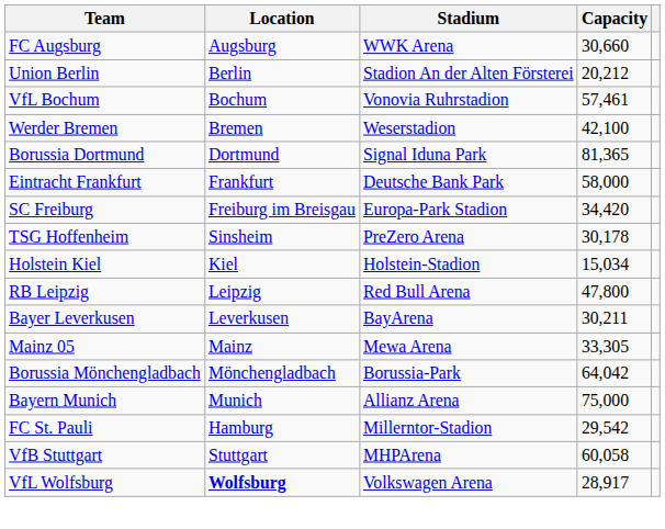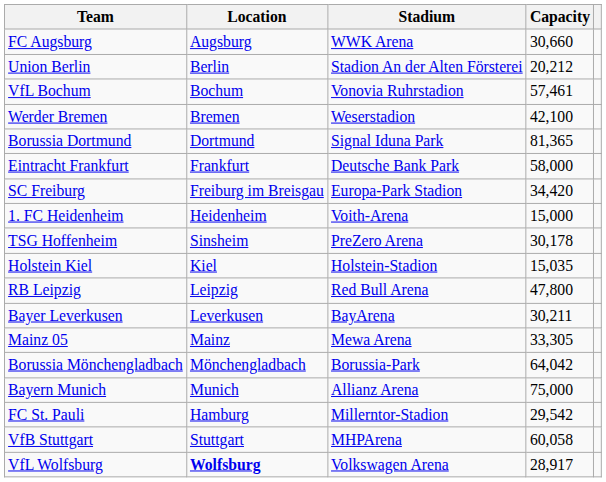 <table class="wikitable sortable" style="text-align:left;">
 <tr>
 <th>Team</th>
 <th>Location</th>
 <th>Stadium</th>
 <th>Capacity</th>
 <th class="unsortable"></th>
 </tr>
 <tr>
 <td data-sort-value="Augsburg"><a href='#'>FC Augsburg</a></td>
 <td><a href='#'>Augsburg</a></td>
 <td><a href='#'>WWK Arena</a></td>
 <td>30,660</td>
 <td style="text-align:center"></td>
 </tr>
 <tr>
 <td data-sort-value="Berlin, Union"><a href='#'>Union Berlin</a></td>
 <td><a href='#'>Berlin</a></td>
 <td><a href='#'>Stadion An der Alten Försterei</a></td>
 <td>20,212</td>
 <td style="text-align:center"></td>
 </tr>
 <tr>
 <td data-sort-value="Bochum"><a href='#'>VfL Bochum</a></td>
 <td><a href='#'>Bochum</a></td>
 <td><a href='#'>Vonovia Ruhrstadion</a></td>
 <td>57,461</td>
 <td style="text-align:center"></td>
 </tr>
 <tr>
 <td data-sort-value="Bremen"><a href='#'>Werder Bremen</a></td>
 <td><a href='#'>Bremen</a></td>
 <td><a href='#'>Weserstadion</a></td>
 <td>42,100</td>
 <td style="text-align:center"></td>
 </tr>
 <tr>
 <td data-sort-value="Dortmund"><a href='#'>Borussia Dortmund</a></td>
 <td><a href='#'>Dortmund</a></td>
 <td><a href='#'>Signal Iduna Park</a></td>
 <td>81,365</td>
 <td style="text-align:center"></td>
 </tr>
 <tr>
 <td data-sort-value="Frankfurt"><a href='#'>Eintracht Frankfurt</a></td>
 <td><a href='#'>Frankfurt</a></td>
 <td><a href='#'>Deutsche Bank Park</a></td>
 <td>58,000</td>
 <td style="text-align:center"></td>
 </tr>
 <tr>
 <td data-sort-value="Freiburg"><a href='#'>SC Freiburg</a></td>
 <td><a href='#'>Freiburg im Breisgau</a></td>
 <td><a href='#'>Europa-Park Stadion</a></td>
 <td>34,420</td>
 <td style="text-align:center"></td>
 </tr>
 <tr>
+<td data-sort-value="Heidenheim"><a href='#'>1. FC Heidenheim</a></td>
+<td><a href='#'>Heidenheim</a></td>
+<td><a href='#'>Voith-Arena</a></td>
+<td>15,000</td>
+<td style="text-align:center"></td>
+</tr>
+<tr>
 <td data-sort-value="Hoffenheim"><a href='#'>TSG Hoffenheim</a></td>
 <td><a href='#'>Sinsheim</a></td>
 <td><a href='#'>PreZero Arena</a></td>
 <td>30,178</td>
 <td style="text-align:center"></td>
 </tr>
 <tr>
 <td data-sort-value="Kiel"><a href='#'>Holstein Kiel</a></td>
 <td><a href='#'>Kiel</a></td>
 <td><a href='#'>Holstein-Stadion</a></td>
-<td>15,034</td>
+<td>15,035</td>
 <td style="text-align:center"></td>
 </tr>
 <tr>
 <td data-sort-value="Leipzig"><a href='#'>RB Leipzig</a></td>
 <td><a href='#'>Leipzig</a></td>
 <td><a href='#'>Red Bull Arena</a></td>
 <td>47,800</td>
 <td style="text-align:center"></td>
 </tr>
 <tr>
 <td data-sort-value="Leverkusen"><a href='#'>Bayer Leverkusen</a></td>
 <td><a href='#'>Leverkusen</a></td>
 <td><a href='#'>BayArena</a></td>
 <td>30,211</td>
 <td style="text-align:center"></td>
 </tr>
 <tr>
 <td data-sort-value="Mainz"><a href='#'>Mainz 05</a></td>
 <td><a href='#'>Mainz</a></td>
 <td><a href='#'>Mewa Arena</a></td>
 <td>33,305</td>
 <td style="text-align:center"></td>
 </tr>
 <tr>
 <td data-sort-value="Monchengladbach"><a href='#'>Borussia Mönchengladbach</a></td>
 <td><a href='#'>Mönchengladbach</a></td>
 <td><a href='#'>Borussia-Park</a></td>
 <td>64,042</td>
 <td style="text-align:center"></td>
 </tr>
 <tr>
 <td data-sort-value="Munich"><a href='#'>Bayern Munich</a></td>
 <td><a href='#'>Munich</a></td>
 <td><a href='#'>Allianz Arena</a></td>
 <td>75,000</td>
 <td style="text-align:center"></td>
 </tr>
 <tr>
 <td data-sort-value="St Pauli"><a href='#'>FC St. Pauli</a></td>
 <td><a href='#'>Hamburg</a></td>
 <td><a href='#'>Millerntor-Stadion</a></td>
 <td>29,542</td>
 <td style="text-align:center"></td>
 </tr>
 <tr>
 <td data-sort-value="Stuttgart"><a href='#'>VfB Stuttgart</a></td>
 <td><a href='#'>Stuttgart</a></td>
 <td><a href='#'>MHPArena</a></td>
 <td>60,058</td>
 <td style="text-align:center"></td>
 </tr>
 <tr>
 <td data-sort-value="Wolfsburg"><a href='#'>VfL Wolfsburg</a></td>
 <td><strong><a href='#'>Wolfsburg</a></strong></td>
 <td><a href='#'>Volkswagen Arena</a></td>
 <td>28,917</td>
 <td style="text-align:center"></td>
 </tr>
 </table>
